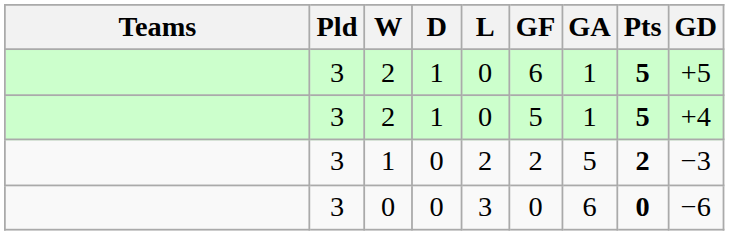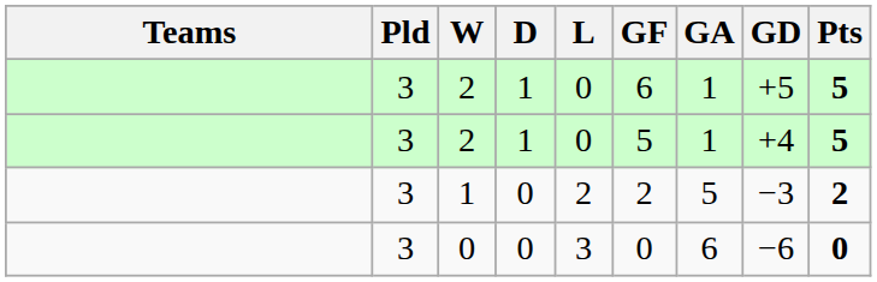 <table class="wikitable" style="text-align: center;">
 <tr>
 <th width=165>Teams</th>
 <th width=20>Pld</th>
 <th width=20>W</th>
 <th width=20>D</th>
 <th width=20>L</th>
 <th width=20>GF</th>
 <th width=20>GA</th>
+<th width=20>GD</th>
 <th width=20>Pts</th>
-<th width=20>GD</th>
 </tr>
 <tr align=center style="background:#ccffcc;">
 <td style="text-align:left;"></td>
 <td>3</td>
 <td>2</td>
 <td>1</td>
 <td>0</td>
 <td>6</td>
 <td>1</td>
+<td>+5</td>
 <td><strong>5</strong></td>
-<td>+5</td>
 </tr>
 <tr align=center style="background:#ccffcc;">
 <td style="text-align:left;"></td>
 <td>3</td>
 <td>2</td>
 <td>1</td>
 <td>0</td>
 <td>5</td>
 <td>1</td>
+<td>+4</td>
 <td><strong>5</strong></td>
-<td>+4</td>
 </tr>
 <tr align=center>
 <td style="text-align:left;"></td>
 <td>3</td>
 <td>1</td>
 <td>0</td>
 <td>2</td>
 <td>2</td>
 <td>5</td>
+<td>−3</td>
 <td><strong>2</strong></td>
-<td>−3</td>
 </tr>
 <tr align=center>
 <td style="text-align:left;"></td>
 <td>3</td>
 <td>0</td>
 <td>0</td>
 <td>3</td>
 <td>0</td>
 <td>6</td>
+<td>−6</td>
 <td><strong>0</strong></td>
-<td>−6</td>
 </tr>
 </table>
